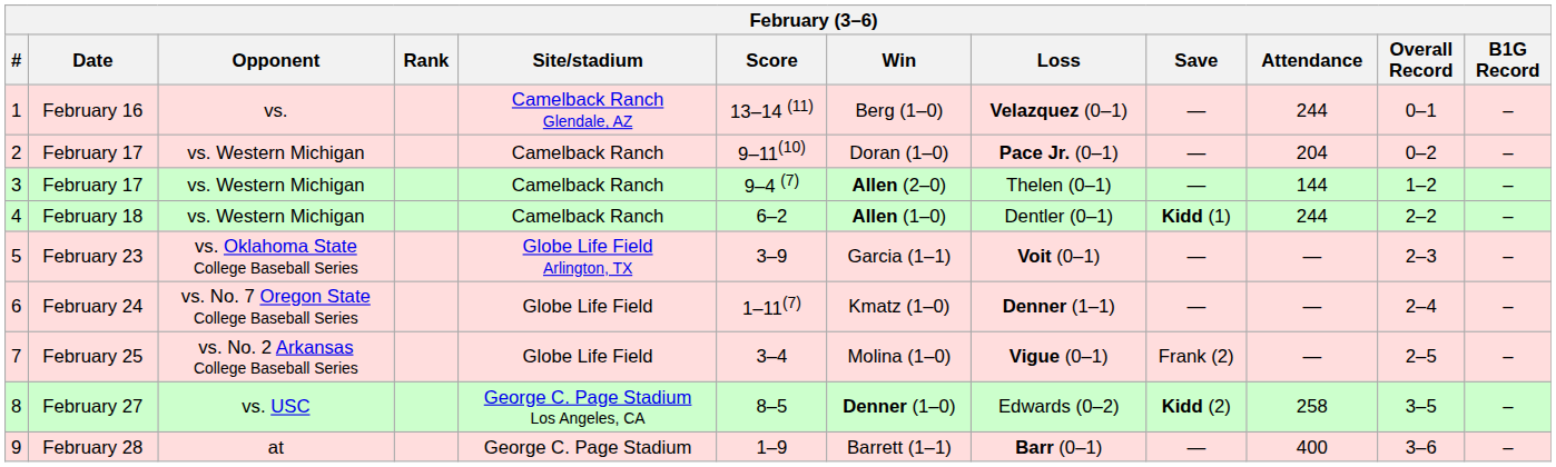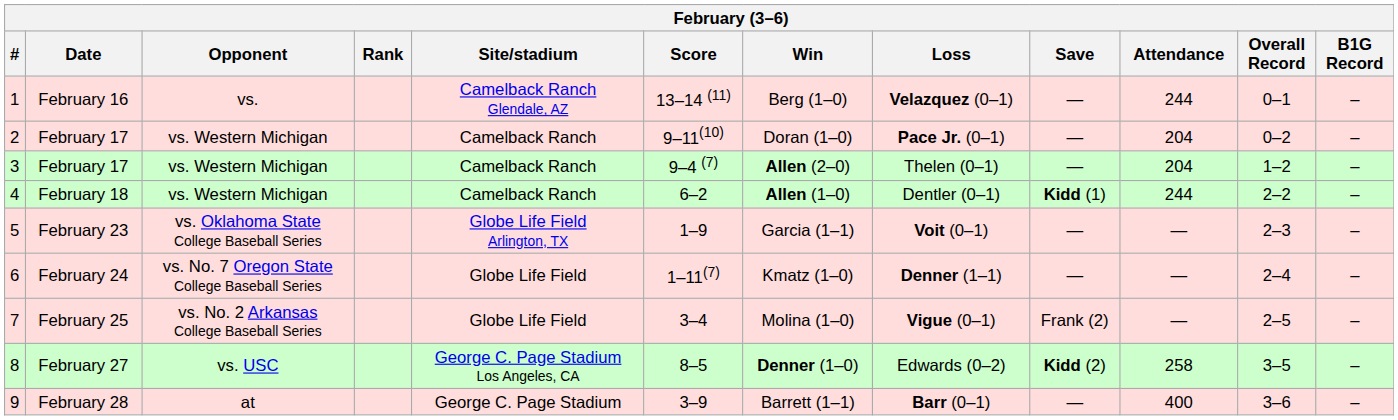 <table class="wikitable collapsible collapsed" style="margin:auto; width:100%; text-align:center; font-size:95%">
 <tr>
 <th colspan=12 style="padding-left:4em;">February (3–6)</th>
 </tr>
 <tr>
 <th>#</th>
 <th>Date</th>
 <th>Opponent</th>
 <th>Rank</th>
 <th>Site/stadium</th>
 <th>Score</th>
 <th>Win</th>
 <th>Loss</th>
 <th>Save</th>
 <th>Attendance</th>
 <th>Overall<br>Record</th>
 <th>B1G<br>Record</th>
 </tr>
 <tr align="center" bgcolor="#ffdddd">
 <td>1</td>
 <td>February 16</td>
 <td>vs. </td>
 <td></td>
 <td><a href='#'>Camelback Ranch</a><br><small><a href='#'>Glendale, AZ</a></small></td>
 <td>13–14 <sup>(11)</sup></td>
 <td>Berg (1–0)</td>
 <td><strong>Velazquez</strong> (0–1)</td>
 <td>—</td>
 <td>244</td>
 <td>0–1</td>
 <td>–</td>
 </tr>
 <tr align="center" bgcolor="#ffdddd">
 <td>2</td>
 <td>February 17</td>
 <td>vs. Western Michigan</td>
 <td></td>
 <td>Camelback Ranch</td>
 <td>9–11<sup>(10)</sup></td>
 <td>Doran (1–0)</td>
 <td><strong>Pace Jr.</strong> (0–1)</td>
 <td>—</td>
 <td>204</td>
 <td>0–2</td>
 <td>–</td>
 </tr>
 <tr align="center" bgcolor="#ccffcc">
 <td>3</td>
 <td>February 17</td>
 <td>vs. Western Michigan</td>
 <td></td>
 <td>Camelback Ranch</td>
 <td>9–4 <sup>(7)</sup></td>
 <td><strong>Allen</strong> (2–0)</td>
 <td>Thelen (0–1)</td>
 <td>—</td>
-<td>144</td>
+<td>204</td>
 <td>1–2</td>
 <td>–</td>
 </tr>
 <tr align="center" bgcolor="#ccffcc">
 <td>4</td>
 <td>February 18</td>
 <td>vs. Western Michigan</td>
 <td></td>
 <td>Camelback Ranch</td>
 <td>6–2</td>
 <td><strong>Allen</strong> (1–0)</td>
 <td>Dentler (0–1)</td>
 <td><strong>Kidd</strong> (1)</td>
 <td>244</td>
 <td>2–2</td>
 <td>–</td>
 </tr>
 <tr align="center" bgcolor="#ffdddd">
 <td>5</td>
 <td>February 23</td>
 <td>vs. <a href='#'>Oklahoma State</a><br><small> College Baseball Series</small></td>
 <td></td>
 <td><a href='#'>Globe Life Field</a><br><small><a href='#'>Arlington, TX</a></small></td>
-<td>3–9</td>
+<td>1–9</td>
 <td>Garcia (1–1)</td>
 <td><strong>Voit</strong> (0–1)</td>
 <td>—</td>
 <td>—</td>
 <td>2–3</td>
 <td>–</td>
 </tr>
 <tr align="center" bgcolor="#ffdddd">
 <td>6</td>
 <td>February 24</td>
 <td>vs. No. 7 <a href='#'>Oregon State</a><br><small> College Baseball Series</small></td>
 <td></td>
 <td>Globe Life Field</td>
 <td>1–11<sup>(7)</sup></td>
 <td>Kmatz (1–0)</td>
 <td><strong>Denner</strong> (1–1)</td>
 <td>—</td>
 <td>—</td>
 <td>2–4</td>
 <td>–</td>
 </tr>
 <tr align="center" bgcolor="#ffdddd">
 <td>7</td>
 <td>February 25</td>
 <td>vs. No. 2 <a href='#'>Arkansas</a><br><small> College Baseball Series</small></td>
 <td></td>
 <td>Globe Life Field</td>
 <td>3–4</td>
 <td>Molina (1–0)</td>
 <td><strong>Vigue</strong> (0–1)</td>
 <td>Frank (2)</td>
 <td>—</td>
 <td>2–5</td>
 <td>–</td>
 </tr>
 <tr align="center" bgcolor="#ccffcc">
 <td>8</td>
 <td>February 27</td>
 <td>vs. <a href='#'>USC</a></td>
 <td></td>
 <td><a href='#'>George C. Page Stadium</a><br><small>Los Angeles, CA</small></td>
 <td>8–5</td>
 <td><strong>Denner</strong> (1–0)</td>
 <td>Edwards (0–2)</td>
 <td><strong>Kidd</strong> (2)</td>
 <td>258</td>
 <td>3–5</td>
 <td>–</td>
 </tr>
 <tr align="center" bgcolor="#ffdddd">
 <td>9</td>
 <td>February 28</td>
 <td>at </td>
 <td></td>
 <td>George C. Page Stadium</td>
-<td>1–9</td>
+<td>3–9</td>
 <td>Barrett (1–1)</td>
 <td><strong>Barr</strong> (0–1)</td>
 <td>—</td>
 <td>400</td>
 <td>3–6</td>
 <td>–</td>
 </tr>
 </table>
